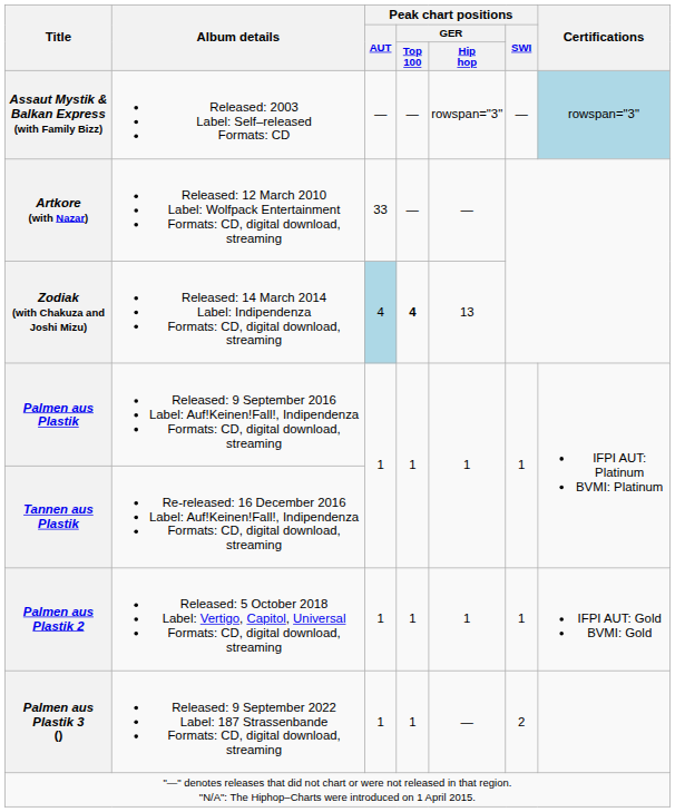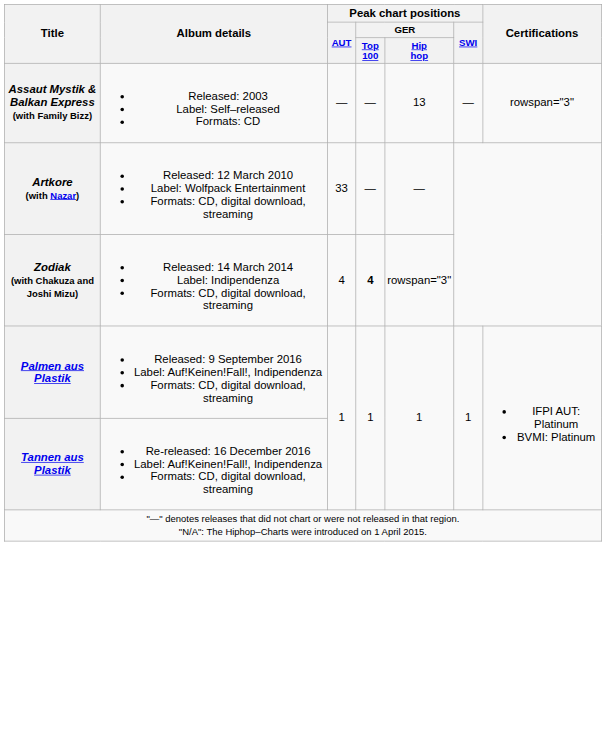 <table class="wikitable plainrowheaders" style="text-align:center;">
 <tr>
 <th scope="col" rowspan="3" style="width:8em;">Title</th>
 <th scope="col" rowspan="3" style="width:19.5em;">Album details</th>
 <th scope="col" colspan="4">Peak chart positions</th>
 <th scope="col" rowspan="3" style="width:10em;">Certifications</th>
 </tr>
 <tr>
 <th style="width:2.5em; font-size:85%" rowspan="2"><a href='#'>AUT</a><br></th>
 <th scope="col" style="width:2.5em; font-size:85%" colspan="2">GER</th>
 <th style="width:2.5em; font-size:85%" rowspan="2"><a href='#'>SWI</a><br></th>
 </tr>
 <tr>
 <th style="width:2.5em; font-size:85%"><a href='#'>Top<br>100</a><br></th>
 <th style="width:2.5em; font-size:85%"><a href='#'>Hip<br>hop</a><br></th>
 </tr>
 <tr>
 <th scope="row"><em>Assaut Mystik & Balkan Express</em><br><small>(with Family Bizz)</small></th>
 <td><br><ul><li>Released: 2003</li><li>Label: Self–released</li><li>Formats: CD</li></ul></td>
 <td>—</td>
 <td>—</td>
+<td>13</td>
+<td>—</td>
 <td>rowspan="3" </td>
-<td>—</td>
-<td style="background: lightblue;">rowspan="3" </td>
 </tr>
 <tr>
 <th scope="row"><em>Artkore</em><br><small>(with <a href='#'>Nazar</a>)</small></th>
 <td><br><ul><li>Released: 12 March 2010</li><li>Label: Wolfpack Entertainment</li><li>Formats: CD, digital download, streaming</li></ul></td>
 <td>33</td>
 <td>—</td>
 <td>—</td>
 </tr>
 <tr>
 <th scope="row"><em>Zodiak</em><br><small>(with Chakuza and Joshi Mizu)</small></th>
 <td><br><ul><li>Released: 14 March 2014</li><li>Label: Indipendenza</li><li>Formats: CD, digital download, streaming</li></ul></td>
-<td style="background: lightblue;">4</td>
+<td>4</td>
 <td><strong>4</strong></td>
-<td>13</td>
+<td>rowspan="3" </td>
 </tr>
 <tr>
 <th scope="row"><em><a href='#'>Palmen aus Plastik</a></em><br></th>
 <td><br><ul><li>Released: 9 September 2016</li><li>Label: Auf!Keinen!Fall!, Indipendenza</li><li>Formats: CD, digital download, streaming</li></ul></td>
 <td rowspan="2">1</td>
 <td rowspan="2">1</td>
 <td rowspan="2">1</td>
 <td rowspan="2">1</td>
 <td rowspan="2"><br><ul><li>IFPI AUT: Platinum</li><li>BVMI: Platinum</li></ul></td>
 </tr>
 <tr>
 <th scope="row"><em><a href='#'>Tannen aus Plastik</a></em><br></th>
 <td><br><ul><li>Re-released: 16 December 2016</li><li>Label: Auf!Keinen!Fall!, Indipendenza</li><li>Formats: CD, digital download, streaming</li></ul></td>
 </tr>
 <tr>
-<th scope="row"><em><a href='#'>Palmen aus Plastik 2</a></em><br></th>
-<td><br><ul><li>Released: 5 October 2018</li><li>Label: <a href='#'>Vertigo</a>, <a href='#'>Capitol</a>, <a href='#'>Universal</a></li><li>Formats: CD, digital download, streaming</li></ul></td>
-<td>1</td>
-<td>1</td>
-<td>1</td>
-<td>1</td>
-<td><br><ul><li>IFPI AUT: Gold</li><li>BVMI: Gold</li></ul></td>
-</tr>
-<tr>
-<th scope="row"><em>Palmen aus Plastik 3</em><br>()</th>
-<td><br><ul><li>Released: 9 September 2022</li><li>Label: 187 Strassenbande</li><li>Formats: CD, digital download, streaming</li></ul></td>
-<td>1</td>
-<td>1</td>
-<td>—</td>
-<td>2</td>
-<td></td>
-</tr>
-<tr>
 <td colspan="7"><small>"—" denotes releases that did not chart or were not released in that region.<br>"N/A": The Hiphop–Charts were introduced on 1 April 2015.</small></td>
 </tr>
 </table>
